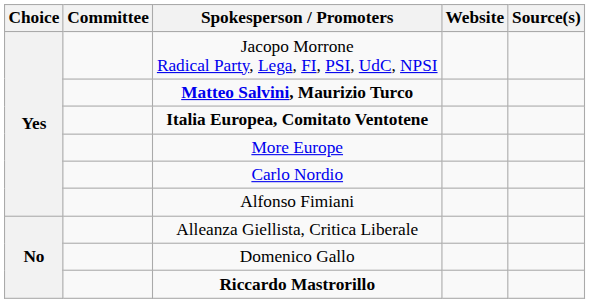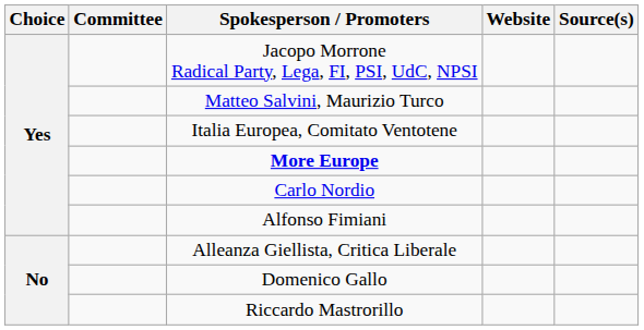 <table class=wikitable style=text-align:center>
 <tr>
 <th>Choice</th>
 <th>Committee</th>
 <th>Spokesperson / Promoters</th>
 <th>Website</th>
 <th>Source(s)</th>
 </tr>
 <tr>
 <th rowspan="6"> Yes</th>
 <td></td>
 <td>Jacopo Morrone <br><a href='#'>Radical Party</a>, <a href='#'>Lega</a>, <a href='#'>FI</a>, <a href='#'>PSI</a>, <a href='#'>UdC</a>, <a href='#'>NPSI</a></td>
 <td></td>
 <td></td>
 </tr>
 <tr>
 <td></td>
-<td><strong><a href='#'>Matteo Salvini</a>, Maurizio Turco</strong></td>
+<td><a href='#'>Matteo Salvini</a>, Maurizio Turco</td>
 <td></td>
 <td></td>
 </tr>
 <tr>
 <td></td>
-<td><strong>Italia Europea, Comitato Ventotene</strong></td>
+<td>Italia Europea, Comitato Ventotene</td>
 <td></td>
 <td></td>
 </tr>
 <tr>
 <td></td>
-<td><a href='#'>More Europe</a></td>
+<td><strong><a href='#'>More Europe</a></strong></td>
 <td></td>
 <td></td>
 </tr>
 <tr>
 <td></td>
 <td><a href='#'>Carlo Nordio</a></td>
 <td></td>
 <td></td>
 </tr>
 <tr>
 <td></td>
 <td>Alfonso Fimiani</td>
 <td></td>
 <td></td>
 </tr>
 <tr>
 <th rowspan="3"> No</th>
 <td></td>
 <td>Alleanza Giellista, Critica Liberale</td>
 <td></td>
 <td></td>
 </tr>
 <tr>
 <td></td>
 <td>Domenico Gallo</td>
 <td></td>
 <td></td>
 </tr>
 <tr>
 <td></td>
-<td><strong>Riccardo Mastrorillo</strong></td>
+<td>Riccardo Mastrorillo</td>
 <td></td>
 <td></td>
 </tr>
 </table>
